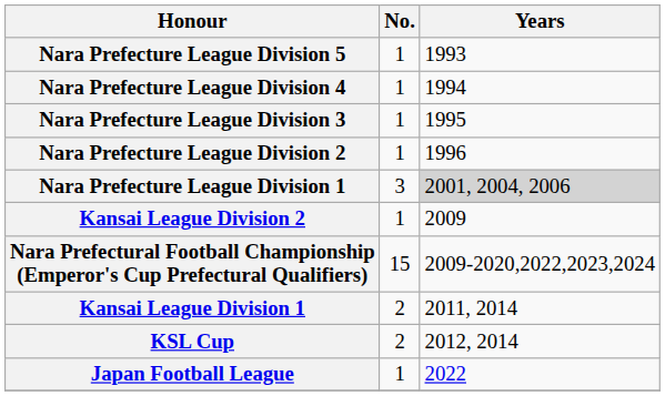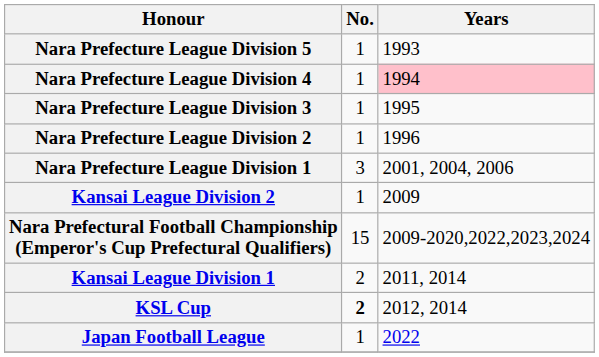 <table class="wikitable plainrowheaders">
 <tr>
 <th scope=col>Honour</th>
 <th scope=col>No.</th>
 <th scope=col>Years</th>
 </tr>
 <tr>
 <th scope=row>Nara Prefecture League Division 5</th>
 <td align="center">1</td>
 <td>1993</td>
 </tr>
 <tr>
 <th scope=row>Nara Prefecture League Division 4</th>
 <td align="center">1</td>
-<td>1994</td>
+<td style="background: pink;">1994</td>
 </tr>
 <tr>
 <th scope=row>Nara Prefecture League Division 3</th>
 <td align="center">1</td>
 <td>1995</td>
 </tr>
 <tr>
 <th scope=row>Nara Prefecture League Division 2</th>
 <td align="center">1</td>
 <td>1996</td>
 </tr>
 <tr>
 <th scope=row>Nara Prefecture League Division 1</th>
 <td align="center">3</td>
-<td style="background: lightgrey;">2001, 2004, 2006</td>
+<td>2001, 2004, 2006</td>
 </tr>
 <tr>
 <th scope=row><a href='#'>Kansai League Division 2</a></th>
 <td align="center">1</td>
 <td>2009</td>
 </tr>
 <tr>
 <th scope=row>Nara Prefectural Football Championship <br>(Emperor's Cup Prefectural Qualifiers)</th>
 <td align="center">15</td>
 <td>2009-2020,2022,2023,2024</td>
 </tr>
 <tr>
 <th scope=row><a href='#'>Kansai League Division 1</a></th>
 <td align="center">2</td>
 <td>2011, 2014</td>
 </tr>
 <tr>
 <th scope=row><a href='#'>KSL Cup</a></th>
-<td align="center">2</td>
+<td align="center"><strong>2</strong></td>
 <td>2012, 2014</td>
 </tr>
 <tr>
 <th scope=row><a href='#'>Japan Football League</a></th>
 <td align="center">1</td>
 <td><a href='#'>2022</a></td>
 </tr>
 <tr>
 </tr>
 </table>
